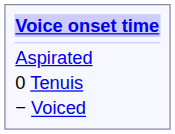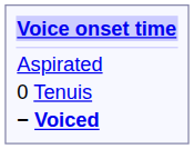 <table cellpadding="1" align="right" style="border: 1px solid #88a; background-color: #f7f8ff; padding: 5px; font-size: 0.9em; margin: 0 0 15px 10px; ">
 <tr>
 <th style="background-color: #ccf"><a href='#'>Voice onset time</a></th>
 </tr>
 <tr>
 <td style="border-bottom: 1px solid #ccf"></td>
 </tr>
 <tr>
 <td> <a href='#'>Aspirated</a></td>
 </tr>
 <tr>
 <td>0 <a href='#'>Tenuis</a></td>
 </tr>
 <tr>
-<td>− <a href='#'>Voiced</a></td>
+<td><strong>− <a href='#'>Voiced</a></strong></td>
 </tr>
 </table>
